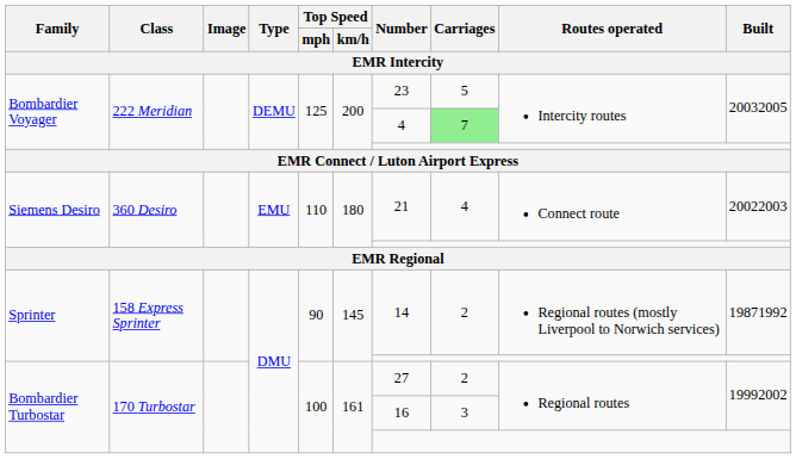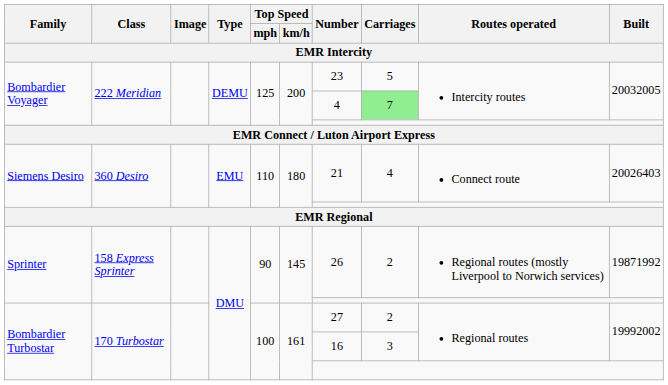 <table class="wikitable sortable">
 <tr>
 <th rowspan="2">Family</th>
 <th rowspan="2">Class</th>
 <th rowspan="2">Image</th>
 <th rowspan="2">Type</th>
 <th colspan="2">Top Speed</th>
 <th rowspan="2">Number</th>
 <th rowspan="2">Carriages</th>
 <th rowspan="2">Routes operated</th>
 <th rowspan="2">Built</th>
 </tr>
 <tr>
 <th>mph</th>
 <th>km/h</th>
 </tr>
 <tr>
 <th colspan="10">EMR Intercity</th>
 </tr>
 <tr>
 <td rowspan="3"><a href='#'>Bombardier Voyager</a></td>
 <td rowspan="3"><a href='#'>222 <em>Meridian</em></a></td>
 <td rowspan="3"></td>
 <td rowspan="3" align="center"><a href='#'>DEMU</a></td>
 <td rowspan="3" align="center">125</td>
 <td rowspan="3" align="center">200</td>
 <td style="text-align: center;">23</td>
 <td style="text-align: center;">5</td>
 <td rowspan="2"><br><ul><li>Intercity routes</li></ul></td>
 <td rowspan="2" align="center">20032005</td>
 </tr>
 <tr>
 <td style="text-align: center;">4</td>
 <td style="background: lightgreen; text-align: center;">7</td>
 </tr>
 <tr>
 <td colspan="4"></td>
 </tr>
 <tr>
 <th colspan="10">EMR Connect / Luton Airport Express</th>
 </tr>
 <tr>
 <td rowspan="2"><a href='#'>Siemens Desiro</a></td>
 <td rowspan="2"><a href='#'>360 <em>Desiro</em></a></td>
 <td rowspan="2"></td>
 <td rowspan="2" align="center"><a href='#'>EMU</a></td>
 <td rowspan="2" align="center">110</td>
 <td rowspan="2" align="center">180</td>
 <td align=center>21</td>
 <td align=center>4</td>
 <td><br><ul><li>Connect route</li></ul></td>
-<td align="center">20022003</td>
+<td align="center">20026403</td>
 </tr>
 <tr>
 <td colspan="4"></td>
 </tr>
 <tr>
 <th colspan="10">EMR Regional</th>
 </tr>
 <tr>
 <td rowspan="2"><a href='#'>Sprinter</a></td>
 <td rowspan="2"><a href='#'>158 <em>Express Sprinter</em></a></td>
 <td rowspan="2"><br></td>
 <td rowspan="5" style="text-align: center;"><a href='#'>DMU</a></td>
 <td rowspan="2" style="text-align: center;">90</td>
 <td rowspan="2" style="text-align: center;">145</td>
-<td style="text-align: center;">14</td>
+<td style="text-align: center;">26</td>
 <td style="text-align: center;" rowspan="1">2</td>
 <td rowspan="1"><br><ul><li>Regional routes (mostly Liverpool to Norwich services) </li></ul></td>
 <td style="text-align: center;">19871992</td>
 </tr>
 <tr>
 <td colspan="4"></td>
 </tr>
 <tr>
 <td rowspan="3"><a href='#'>Bombardier Turbostar</a></td>
 <td rowspan="3"><a href='#'>170 <em>Turbostar</em></a></td>
 <td rowspan="3"></td>
 <td rowspan="3" align="center">100</td>
 <td rowspan="3" align="center">161</td>
 <td align="center">27</td>
 <td align="center">2</td>
 <td rowspan="2"><br><ul><li>Regional routes</li></ul></td>
 <td rowspan="2" align="center">19992002</td>
 </tr>
 <tr>
 <td align="center">16</td>
 <td align="center">3</td>
 </tr>
 <tr>
 <td colspan="4"><br></td>
 </tr>
 </table>
